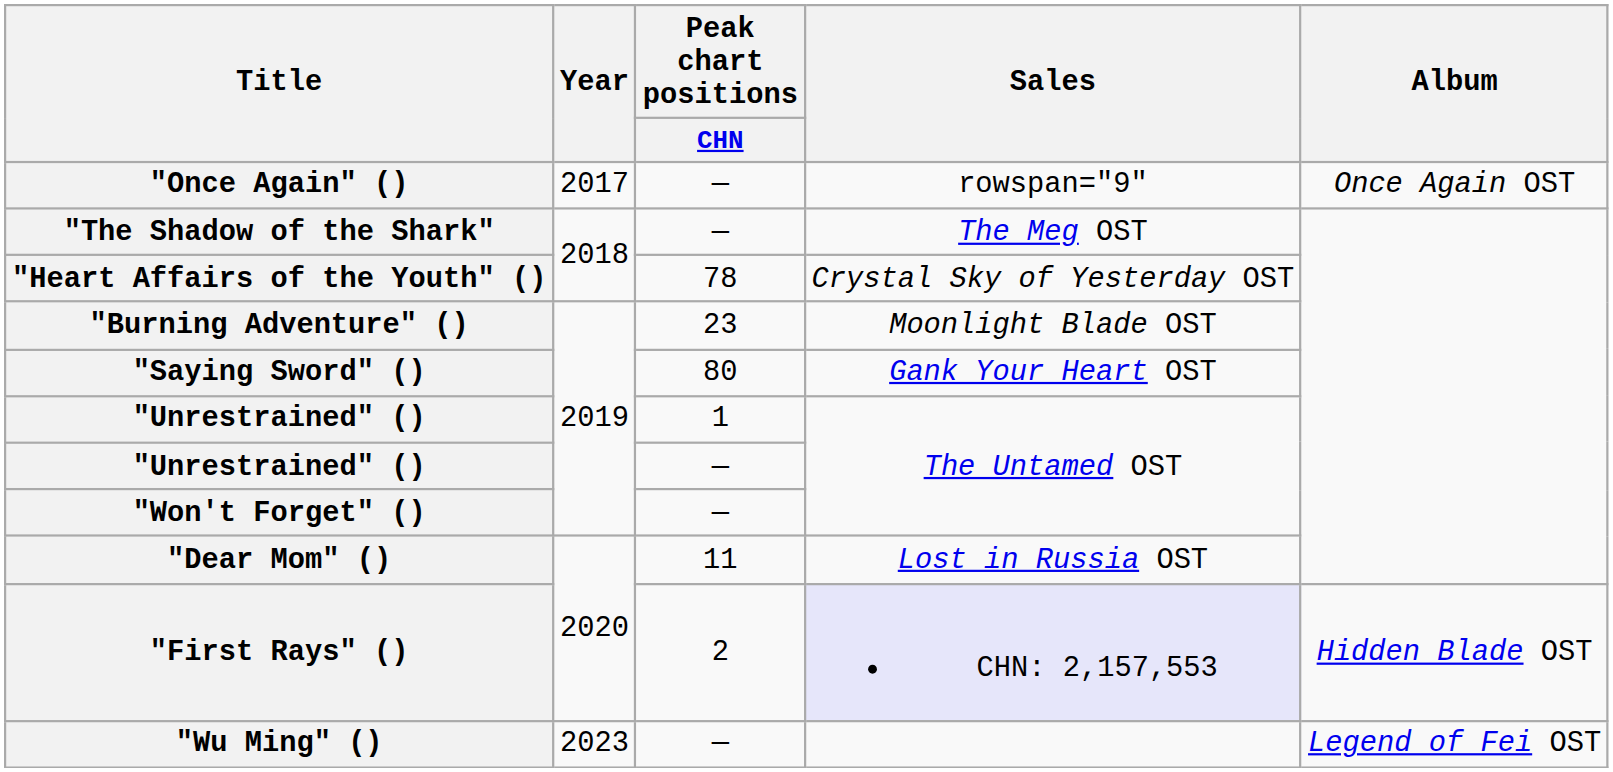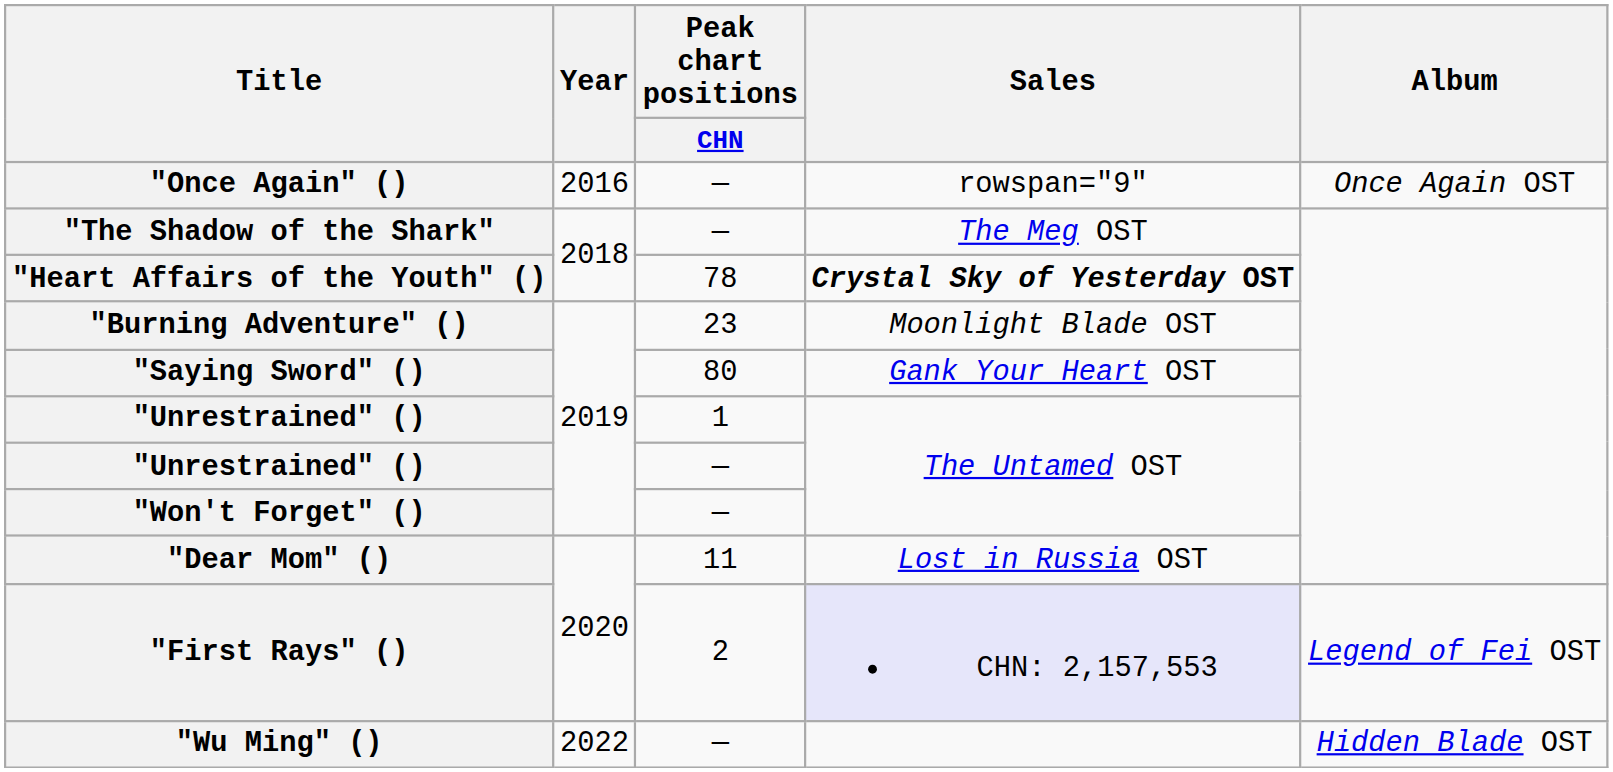 <table class="wikitable plainrowheaders" style="text-align:center;">
 <tr>
 <th rowspan="2" scope="col">Title</th>
 <th rowspan="2" scope="col">Year</th>
 <th>Peak chart positions</th>
 <th rowspan="2" scope="col">Sales</th>
 <th rowspan="2" scope="col">Album</th>
 </tr>
 <tr>
 <th scope="col" style="width:3em;font-size:90%;"><a href='#'>CHN</a><br></th>
 </tr>
 <tr>
 <th scope="row">"Once Again" ()<br></th>
-<td>2017</td>
+<td>2016</td>
 <td>—</td>
 <td>rowspan="9" </td>
 <td><em>Once Again</em> OST</td>
 </tr>
 <tr>
 <th scope="row">"The Shadow of the Shark"<br></th>
 <td rowspan="2">2018</td>
 <td>—</td>
 <td><em><a href='#'>The Meg</a></em> OST</td>
 </tr>
 <tr>
 <th scope="row">"Heart Affairs of the Youth" ()</th>
 <td>78</td>
-<td><em>Crystal Sky of Yesterday</em> OST</td>
+<td><strong><em>Crystal Sky of Yesterday</em> OST</strong></td>
 </tr>
 <tr>
 <th scope="row">"Burning Adventure" ()</th>
 <td rowspan="5">2019</td>
 <td>23</td>
 <td><em>Moonlight Blade</em> OST</td>
 </tr>
 <tr>
 <th scope="row">"Saying Sword" ()</th>
 <td>80</td>
 <td><em><a href='#'>Gank Your Heart</a></em> OST</td>
 </tr>
 <tr>
 <th scope="row">"Unrestrained" ()<br></th>
 <td>1</td>
 <td rowspan="3"><em><a href='#'>The Untamed</a></em> OST</td>
 </tr>
 <tr>
 <th scope="row">"Unrestrained" ()<br></th>
 <td>—</td>
 </tr>
 <tr>
 <th scope="row">"Won't Forget" ()</th>
 <td>—</td>
 </tr>
 <tr>
 <th scope="row">"Dear Mom" ()</th>
 <td rowspan="2">2020</td>
 <td>11</td>
 <td><em><a href='#'>Lost in Russia</a></em> OST</td>
 </tr>
 <tr>
 <th scope="row">"First Rays" ()</th>
 <td>2</td>
 <td style="background: lavender;"><br><ul><li>CHN: 2,157,553</li></ul></td>
-<td><em><a href='#'>Hidden Blade</a></em> OST</td>
+<td><em><a href='#'>Legend of Fei</a></em> OST</td>
 </tr>
 <tr>
 <th scope="row">"Wu Ming"  ()</th>
-<td>2023</td>
+<td>2022</td>
 <td>—</td>
 <td></td>
-<td><em><a href='#'>Legend of Fei</a></em> OST</td>
+<td><em><a href='#'>Hidden Blade</a></em> OST</td>
 </tr>
 </table>
